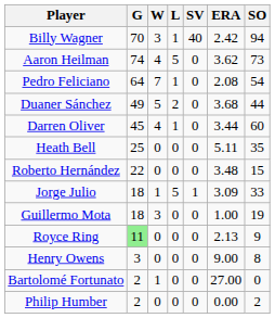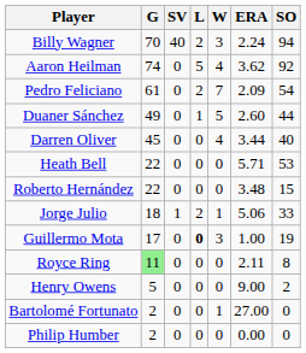 <table class="wikitable sortable">
 <tr>
 <th>Player</th>
 <th>G</th>
+<th>SV</th>
+<th>L</th>
 <th>W</th>
-<th>L</th>
-<th>SV</th>
 <th>ERA</th>
 <th>SO</th>
 </tr>
 <tr align="center">
 <td><a href='#'>Billy Wagner</a></td>
 <td>70</td>
+<td>40</td>
+<td>2</td>
 <td>3</td>
-<td>1</td>
-<td>40</td>
-<td>2.42</td>
+<td>2.24</td>
 <td>94</td>
 </tr>
 <tr align=center>
 <td><a href='#'>Aaron Heilman</a></td>
 <td>74</td>
+<td>0</td>
+<td>5</td>
 <td>4</td>
-<td>5</td>
-<td>0</td>
 <td>3.62</td>
-<td>73</td>
+<td>92</td>
 </tr>
 <tr align="center">
 <td><a href='#'>Pedro Feliciano</a></td>
-<td>64</td>
+<td>61</td>
+<td>0</td>
+<td>2</td>
 <td>7</td>
-<td>1</td>
-<td>0</td>
-<td>2.08</td>
+<td>2.09</td>
 <td>54</td>
 </tr>
 <tr align="center">
 <td><a href='#'>Duaner Sánchez</a></td>
 <td>49</td>
+<td>0</td>
+<td>1</td>
 <td>5</td>
-<td>2</td>
-<td>0</td>
-<td>3.68</td>
+<td>2.60</td>
 <td>44</td>
 </tr>
 <tr align="center">
 <td><a href='#'>Darren Oliver</a></td>
 <td>45</td>
+<td>0</td>
+<td>0</td>
 <td>4</td>
-<td>1</td>
-<td>0</td>
 <td>3.44</td>
-<td>60</td>
+<td>40</td>
 </tr>
 <tr align="center">
 <td><a href='#'>Heath Bell</a></td>
-<td>25</td>
+<td>22</td>
 <td>0</td>
 <td>0</td>
 <td>0</td>
-<td>5.11</td>
-<td>35</td>
+<td>5.71</td>
+<td>53</td>
 </tr>
 <tr align="center">
 <td><a href='#'>Roberto Hernández</a></td>
 <td>22</td>
 <td>0</td>
 <td>0</td>
 <td>0</td>
 <td>3.48</td>
 <td>15</td>
 </tr>
 <tr align="center">
 <td><a href='#'>Jorge Julio</a></td>
 <td>18</td>
 <td>1</td>
-<td>5</td>
+<td>2</td>
 <td>1</td>
-<td>3.09</td>
+<td>5.06</td>
 <td>33</td>
 </tr>
 <tr align="center">
 <td><a href='#'>Guillermo Mota</a></td>
-<td>18</td>
+<td>17</td>
+<td>0</td>
+<td><strong>0</strong></td>
 <td>3</td>
-<td>0</td>
-<td>0</td>
 <td>1.00</td>
 <td>19</td>
 </tr>
 <tr align="center">
 <td><a href='#'>Royce Ring</a></td>
 <td style="background: lightgreen;">11</td>
 <td>0</td>
 <td>0</td>
 <td>0</td>
-<td>2.13</td>
-<td>9</td>
+<td>2.11</td>
+<td>8</td>
 </tr>
 <tr align="center">
 <td><a href='#'>Henry Owens</a></td>
-<td>3</td>
+<td>5</td>
 <td>0</td>
 <td>0</td>
 <td>0</td>
 <td>9.00</td>
-<td>8</td>
+<td>2</td>
 </tr>
 <tr align="center">
 <td><a href='#'>Bartolomé Fortunato</a></td>
 <td>2</td>
-<td>1</td>
 <td>0</td>
 <td>0</td>
+<td>1</td>
 <td>27.00</td>
 <td>0</td>
 </tr>
 <tr align="center">
 <td><a href='#'>Philip Humber</a></td>
 <td>2</td>
 <td>0</td>
 <td>0</td>
 <td>0</td>
 <td>0.00</td>
-<td>2</td>
+<td>0</td>
 </tr>
 </table>
